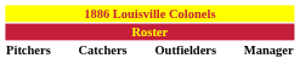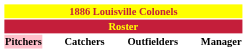 <table class="toccolours" style="font-size: 95%;">
 <tr>
 <th colspan="10" style="background-color: #FFFF00; color: #C41E3A; text-align: center;">1886 Louisville Colonels</th>
 </tr>
 <tr>
 <td colspan="10" style="background-color: #C41E3A; color: yellow; text-align: center;"><strong>Roster</strong></td>
 </tr>
 <tr>
-<td valign="top"><strong>Pitchers</strong><br>     </td>
+<td valign="top" style="background: pink;"><strong>Pitchers</strong><br>     </td>
 <td width="25px"></td>
 <td valign="top"><strong>Catchers</strong><br>     </td>
 <td width="25px"></td>
 <td valign="top"><strong>Outfielders</strong><br>         </td>
 <td width="25px"></td>
 <td valign="top"><strong>Manager</strong><br></td>
 </tr>
 <tr>
 </tr>
 </table>
